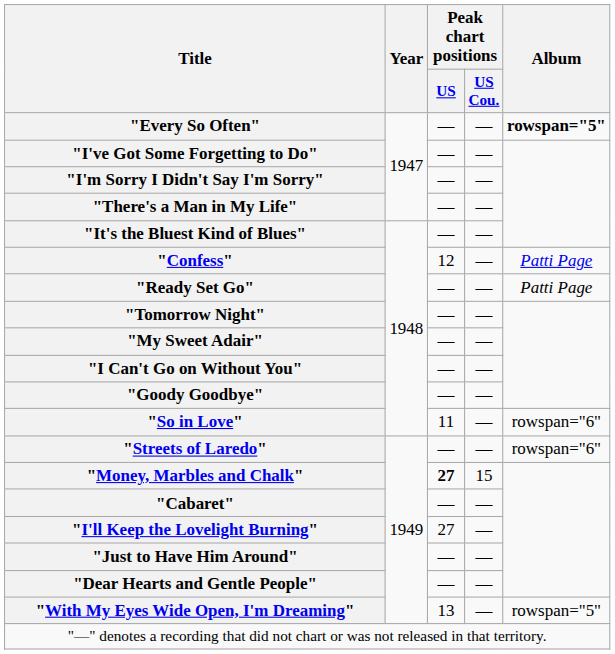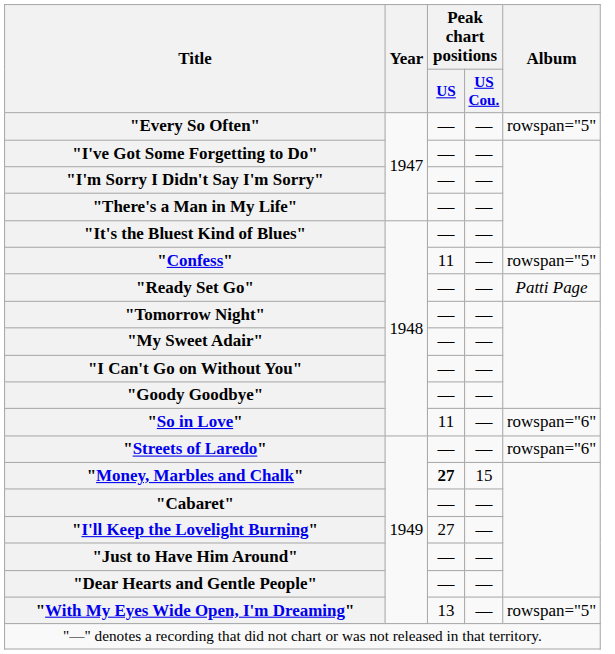 <table class="wikitable plainrowheaders" style="text-align:center;" border="1">
 <tr>
 <th scope="col" rowspan="2" style="width:22em;">Title</th>
 <th scope="col" rowspan="2">Year</th>
 <th scope="col" colspan="2">Peak chart<br>positions</th>
 <th scope="col" rowspan="2">Album</th>
 </tr>
 <tr>
 <th scope="col" style="width:2em;font-size:90%;"><a href='#'>US</a><br></th>
 <th scope="col" style="width:2em;font-size:90%;"><a href='#'>US<br>Cou.</a><br></th>
 </tr>
 <tr>
 <th scope="row">"Every So Often"</th>
 <td rowspan="4">1947</td>
 <td>—</td>
 <td>—</td>
-<td><strong>rowspan="5" </strong></td>
+<td>rowspan="5" </td>
 </tr>
 <tr>
 <th scope="row">"I've Got Some Forgetting to Do"</th>
 <td>—</td>
 <td>—</td>
 </tr>
 <tr>
 <th scope="row">"I'm Sorry I Didn't Say I'm Sorry"</th>
 <td>—</td>
 <td>—</td>
 </tr>
 <tr>
 <th scope="row">"There's a Man in My Life"</th>
 <td>—</td>
 <td>—</td>
 </tr>
 <tr>
 <th scope="row">"It's the Bluest Kind of Blues"</th>
 <td rowspan="8">1948</td>
 <td>—</td>
 <td>—</td>
 </tr>
 <tr>
 <th scope="row">"<a href='#'>Confess</a>"</th>
-<td>12</td>
+<td>11</td>
 <td>—</td>
-<td><em><a href='#'>Patti Page</a></em></td>
+<td>rowspan="5" </td>
 </tr>
 <tr>
 <th scope="row">"Ready Set Go"</th>
 <td>—</td>
 <td>—</td>
 <td><em>Patti Page</em></td>
 </tr>
 <tr>
 <th scope="row">"Tomorrow Night"</th>
 <td>—</td>
 <td>—</td>
 </tr>
 <tr>
 <th scope="row">"My Sweet Adair"</th>
 <td>—</td>
 <td>—</td>
 </tr>
 <tr>
 <th scope="row">"I Can't Go on Without You"</th>
 <td>—</td>
 <td>—</td>
 </tr>
 <tr>
 <th scope="row">"Goody Goodbye"</th>
 <td>—</td>
 <td>—</td>
 </tr>
 <tr>
 <th scope="row">"<a href='#'>So in Love</a>"</th>
 <td>11</td>
 <td>—</td>
 <td>rowspan="6" </td>
 </tr>
 <tr>
 <th scope="row">"<a href='#'>Streets of Laredo</a>"</th>
 <td rowspan="7">1949</td>
 <td>—</td>
 <td>—</td>
 <td>rowspan="6" </td>
 </tr>
 <tr>
 <th scope="row">"<a href='#'>Money, Marbles and Chalk</a>"</th>
 <td><strong>27</strong></td>
 <td>15</td>
 </tr>
 <tr>
 <th scope="row">"Cabaret"</th>
 <td>—</td>
 <td>—</td>
 </tr>
 <tr>
 <th scope="row">"<a href='#'>I'll Keep the Lovelight Burning</a>"</th>
 <td>27</td>
 <td>—</td>
 </tr>
 <tr>
 <th scope="row">"Just to Have Him Around"</th>
 <td>—</td>
 <td>—</td>
 </tr>
 <tr>
 <th scope="row">"Dear Hearts and Gentle People"</th>
 <td>—</td>
 <td>—</td>
 </tr>
 <tr>
 <th scope="row">"<a href='#'>With My Eyes Wide Open, I'm Dreaming</a>"</th>
 <td>13</td>
 <td>—</td>
 <td>rowspan="5" </td>
 </tr>
 <tr>
 <td colspan="5" style="font-size:90%">"—" denotes a recording that did not chart or was not released in that territory.</td>
 </tr>
 </table>
